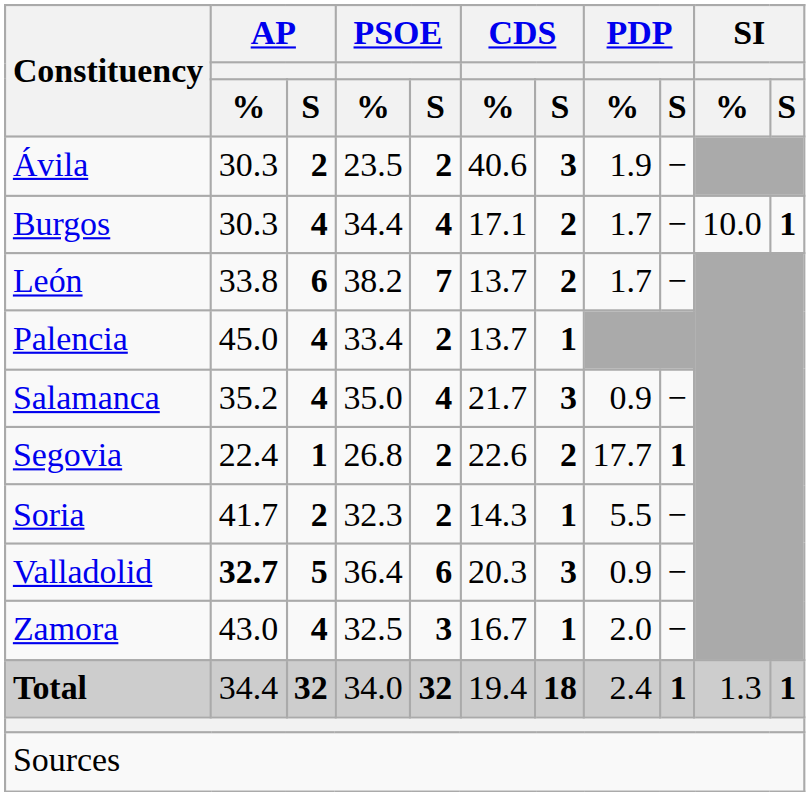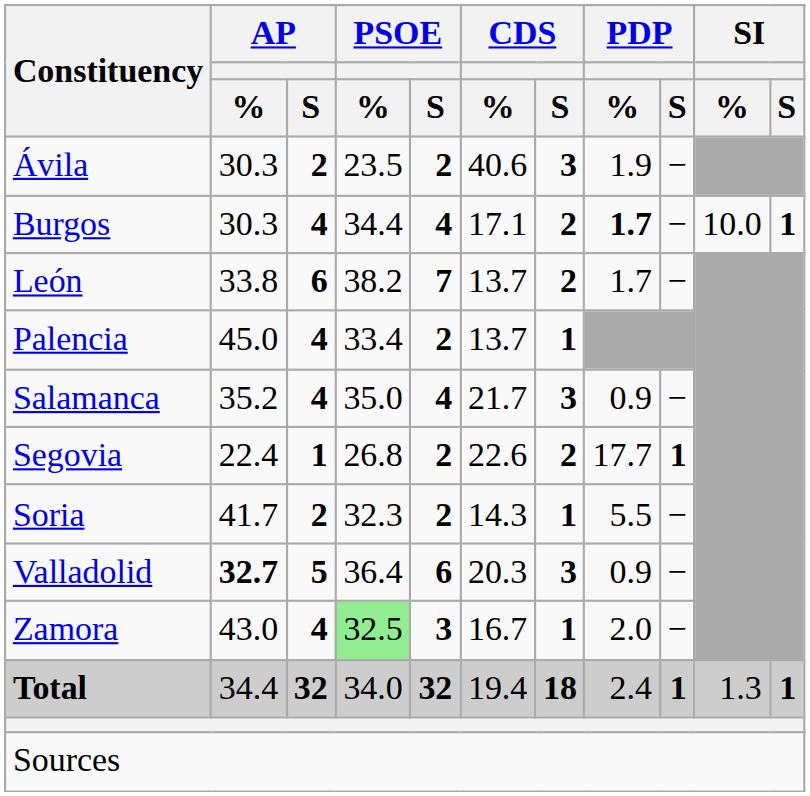 <table class="wikitable sortable" style="text-align:right; line-height:20px;">
 <tr>
 <th rowspan="3">Constituency</th>
 <th colspan="2" width="30px" class="unsortable"><a href='#'>AP</a></th>
 <th colspan="2" width="30px" class="unsortable"><a href='#'>PSOE</a></th>
 <th colspan="2" width="30px" class="unsortable"><a href='#'>CDS</a></th>
 <th colspan="2" width="30px" class="unsortable"><a href='#'>PDP</a></th>
 <th colspan="2" width="30px" class="unsortable">SI</th>
 </tr>
 <tr>
 <th colspan="2" style="background:"></th>
 <th colspan="2" style="background:"></th>
 <th colspan="2" style="background:"></th>
 <th colspan="2" style="background:"></th>
 <th colspan="2" style="background:"></th>
 </tr>
 <tr>
 <th data-sort-type="number">%</th>
 <th data-sort-type="number">S</th>
 <th data-sort-type="number">%</th>
 <th data-sort-type="number">S</th>
 <th data-sort-type="number">%</th>
 <th data-sort-type="number">S</th>
 <th data-sort-type="number">%</th>
 <th data-sort-type="number">S</th>
 <th data-sort-type="number">%</th>
 <th data-sort-type="number">S</th>
 </tr>
 <tr>
 <td align="left"><a href='#'>Ávila</a></td>
 <td>30.3</td>
 <td><strong>2</strong></td>
 <td>23.5</td>
 <td><strong>2</strong></td>
 <td style="background:">40.6</td>
 <td><strong>3</strong></td>
 <td>1.9</td>
 <td>−</td>
 <td colspan="2" bgcolor="#AAAAAA"></td>
 </tr>
 <tr>
 <td align="left"><a href='#'>Burgos</a></td>
 <td>30.3</td>
 <td><strong>4</strong></td>
 <td style="background:">34.4</td>
 <td><strong>4</strong></td>
 <td>17.1</td>
 <td><strong>2</strong></td>
-<td>1.7</td>
+<td><strong>1.7</strong></td>
 <td>−</td>
 <td>10.0</td>
 <td><strong>1</strong></td>
 </tr>
 <tr>
 <td align="left"><a href='#'>León</a></td>
 <td>33.8</td>
 <td><strong>6</strong></td>
 <td style="background:">38.2</td>
 <td><strong>7</strong></td>
 <td>13.7</td>
 <td><strong>2</strong></td>
 <td>1.7</td>
 <td>−</td>
 <td colspan="2" rowspan="7" bgcolor="#AAAAAA"></td>
 </tr>
 <tr>
 <td align="left"><a href='#'>Palencia</a></td>
 <td style="background:">45.0</td>
 <td><strong>4</strong></td>
 <td>33.4</td>
 <td><strong>2</strong></td>
 <td>13.7</td>
 <td><strong>1</strong></td>
 <td colspan="2" bgcolor="#AAAAAA"></td>
 </tr>
 <tr>
 <td align="left"><a href='#'>Salamanca</a></td>
 <td style="background:">35.2</td>
 <td><strong>4</strong></td>
 <td>35.0</td>
 <td><strong>4</strong></td>
 <td>21.7</td>
 <td><strong>3</strong></td>
 <td>0.9</td>
 <td>−</td>
 </tr>
 <tr>
 <td align="left"><a href='#'>Segovia</a></td>
 <td>22.4</td>
 <td><strong>1</strong></td>
 <td style="background:">26.8</td>
 <td><strong>2</strong></td>
 <td>22.6</td>
 <td><strong>2</strong></td>
 <td>17.7</td>
 <td><strong>1</strong></td>
 </tr>
 <tr>
 <td align="left"><a href='#'>Soria</a></td>
 <td style="background:">41.7</td>
 <td><strong>2</strong></td>
 <td>32.3</td>
 <td><strong>2</strong></td>
 <td>14.3</td>
 <td><strong>1</strong></td>
 <td>5.5</td>
 <td>−</td>
 </tr>
 <tr>
 <td align="left"><a href='#'>Valladolid</a></td>
 <td><strong>32.7</strong></td>
 <td><strong>5</strong></td>
 <td style="background:">36.4</td>
 <td><strong>6</strong></td>
 <td>20.3</td>
 <td><strong>3</strong></td>
 <td>0.9</td>
 <td>−</td>
 </tr>
 <tr>
 <td align="left"><a href='#'>Zamora</a></td>
 <td style="background:">43.0</td>
 <td><strong>4</strong></td>
-<td>32.5</td>
+<td style="background: lightgreen;">32.5</td>
 <td><strong>3</strong></td>
 <td>16.7</td>
 <td><strong>1</strong></td>
 <td>2.0</td>
 <td>−</td>
 </tr>
 <tr style="background:#CDCDCD;">
 <td align="left"><strong>Total</strong></td>
 <td style="background:">34.4</td>
 <td><strong>32</strong></td>
 <td>34.0</td>
 <td><strong>32</strong></td>
 <td>19.4</td>
 <td><strong>18</strong></td>
 <td>2.4</td>
 <td><strong>1</strong></td>
 <td>1.3</td>
 <td><strong>1</strong></td>
 </tr>
 <tr>
 <th colspan="11"></th>
 </tr>
 <tr>
 <th style="text-align:left; font-weight:normal; background:#F9F9F9" colspan="11">Sources</th>
 </tr>
 </table>
